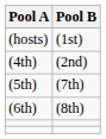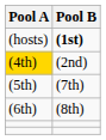 <table class="wikitable">
 <tr>
 <th width=50%>Pool A</th>
 <th width=50%>Pool B</th>
 </tr>
 <tr>
 <td> (hosts)</td>
-<td> (1st)</td>
+<td><strong> (1st)</strong></td>
 </tr>
 <tr>
-<td> (4th)</td>
+<td style="background: gold;"> (4th)</td>
 <td> (2nd)</td>
 </tr>
 <tr>
 <td> (5th)</td>
 <td> (7th)</td>
 </tr>
 <tr>
 <td> (6th)</td>
 <td> (8th)</td>
 </tr>
 <tr>
 <td></td>
 <td></td>
 </tr>
 <tr>
 <td></td>
 <td></td>
 </tr>
 </table>
